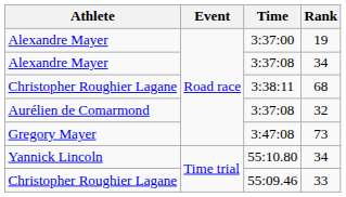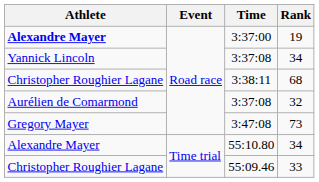 <table class=wikitable style="font-size:90%; text-align:center">
 <tr>
 <th>Athlete</th>
 <th>Event</th>
 <th>Time</th>
 <th>Rank</th>
 </tr>
 <tr>
-<td align=left><a href='#'>Alexandre Mayer</a></td>
+<td align=left><strong><a href='#'>Alexandre Mayer</a></strong></td>
 <td align=left rowspan=5><a href='#'>Road race</a></td>
 <td>3:37:00</td>
 <td>19</td>
 </tr>
 <tr>
-<td align=left><a href='#'>Alexandre Mayer</a></td>
+<td align=left><a href='#'>Yannick Lincoln</a></td>
 <td>3:37:08</td>
 <td>34</td>
 </tr>
 <tr>
 <td align=left><a href='#'>Christopher Roughier Lagane</a></td>
 <td>3:38:11</td>
 <td>68</td>
 </tr>
 <tr>
 <td align=left><a href='#'>Aurélien de Comarmond</a></td>
 <td>3:37:08</td>
 <td>32</td>
 </tr>
 <tr>
 <td align=left><a href='#'>Gregory Mayer</a></td>
 <td>3:47:08</td>
 <td>73</td>
 </tr>
 <tr>
-<td align=left><a href='#'>Yannick Lincoln</a></td>
+<td align=left><a href='#'>Alexandre Mayer</a></td>
 <td align=left rowspan=2><a href='#'>Time trial</a></td>
 <td>55:10.80</td>
 <td>34</td>
 </tr>
 <tr>
 <td align=left><a href='#'>Christopher Roughier Lagane</a></td>
 <td>55:09.46</td>
 <td>33</td>
 </tr>
 </table>
